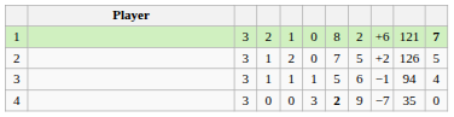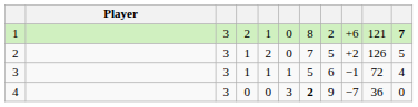 <table class="wikitable" style="text-align:center; margin: 1em auto 1em auto, align:left">
 <tr>
 <th width=20></th>
 <th width=240>Player</th>
 <th width=20></th>
 <th width=20></th>
 <th width=20></th>
 <th width=20></th>
 <th width=20></th>
 <th width=20></th>
 <th width=20></th>
 <th width=30></th>
 <th width=20></th>
 </tr>
 <tr style="background:#D0F0C0;">
 <td>1</td>
 <td align=left></td>
 <td>3</td>
 <td>2</td>
 <td>1</td>
 <td>0</td>
 <td>8</td>
 <td>2</td>
 <td>+6</td>
 <td>121</td>
 <td><strong>7</strong></td>
 </tr>
 <tr style=>
 <td>2</td>
 <td align=left></td>
 <td>3</td>
 <td>1</td>
 <td>2</td>
 <td>0</td>
 <td>7</td>
 <td>5</td>
 <td>+2</td>
 <td>126</td>
 <td>5</td>
 </tr>
 <tr style=>
 <td>3</td>
 <td align=left></td>
 <td>3</td>
 <td>1</td>
 <td>1</td>
 <td>1</td>
 <td>5</td>
 <td>6</td>
 <td>−1</td>
-<td>94</td>
+<td>72</td>
 <td>4</td>
 </tr>
 <tr style=>
 <td>4</td>
 <td align=left></td>
 <td>3</td>
 <td>0</td>
 <td>0</td>
 <td>3</td>
 <td><strong>2</strong></td>
 <td>9</td>
 <td>−7</td>
-<td>35</td>
+<td>36</td>
 <td>0</td>
 </tr>
 </table>
